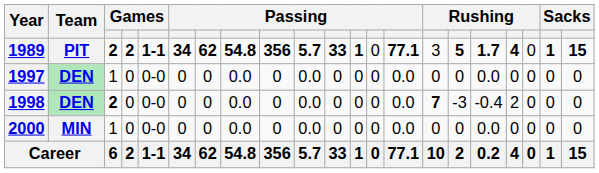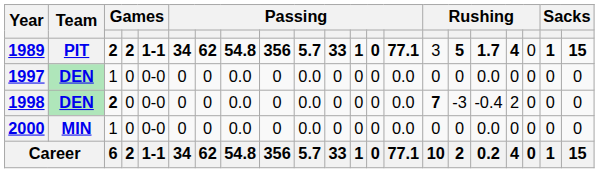 <table class="wikitable" style="text-align:center;">
 <tr>
 <th rowspan="2">Year</th>
 <th rowspan="2">Team</th>
 <th colspan="3">Games</th>
 <th colspan="9">Passing</th>
 <th colspan="5">Rushing</th>
 <th colspan="2">Sacks</th>
 </tr>
 <tr>
 <th></th>
 <th></th>
 <th></th>
 <th></th>
 <th></th>
 <th></th>
 <th></th>
 <th></th>
 <th></th>
 <th></th>
 <th></th>
 <th></th>
 <th></th>
 <th></th>
 <th></th>
 <th></th>
 <th></th>
 <th></th>
 <th></th>
 </tr>
 <tr>
 <th><a href='#'>1989</a></th>
 <th><a href='#'>PIT</a></th>
 <td><strong>2</strong></td>
 <td><strong>2</strong></td>
 <td><strong>1-1</strong></td>
 <td><strong>34</strong></td>
 <td><strong>62</strong></td>
 <td><strong>54.8</strong></td>
 <td><strong>356</strong></td>
 <td><strong>5.7</strong></td>
 <td><strong>33</strong></td>
 <td><strong>1</strong></td>
-<td>0</td>
+<td><strong>0</strong></td>
 <td><strong>77.1</strong></td>
 <td>3</td>
 <td><strong>5</strong></td>
 <td><strong>1.7</strong></td>
 <td><strong>4</strong></td>
 <td>0</td>
 <td><strong>1</strong></td>
 <td><strong>15</strong></td>
 </tr>
 <tr>
 <th><a href='#'>1997</a></th>
 <th style="background:#afe6ba; width:3em;"><a href='#'>DEN</a></th>
 <td>1</td>
 <td>0</td>
 <td>0-0</td>
 <td>0</td>
 <td>0</td>
 <td>0.0</td>
 <td>0</td>
 <td>0.0</td>
 <td>0</td>
 <td>0</td>
 <td>0</td>
 <td>0.0</td>
 <td>0</td>
 <td>0</td>
 <td>0.0</td>
 <td>0</td>
 <td>0</td>
 <td>0</td>
 <td>0</td>
 </tr>
 <tr>
 <th><a href='#'>1998</a></th>
 <th style="background:#afe6ba; width:3em;"><a href='#'>DEN</a></th>
 <td><strong>2</strong></td>
 <td>0</td>
 <td>0-0</td>
 <td>0</td>
 <td>0</td>
 <td>0.0</td>
 <td>0</td>
 <td>0.0</td>
 <td>0</td>
 <td>0</td>
 <td>0</td>
 <td>0.0</td>
 <td><strong>7</strong></td>
 <td>-3</td>
 <td>-0.4</td>
 <td>2</td>
 <td>0</td>
 <td>0</td>
 <td>0</td>
 </tr>
 <tr>
 <th><a href='#'>2000</a></th>
 <th><a href='#'>MIN</a></th>
 <td>1</td>
 <td>0</td>
 <td>0-0</td>
 <td>0</td>
 <td>0</td>
 <td>0.0</td>
 <td>0</td>
 <td>0.0</td>
 <td>0</td>
 <td>0</td>
 <td>0</td>
 <td>0.0</td>
 <td>0</td>
 <td>0</td>
 <td>0.0</td>
 <td>0</td>
 <td>0</td>
 <td>0</td>
 <td>0</td>
 </tr>
 <tr>
 <th colspan="2">Career</th>
 <th>6</th>
 <th>2</th>
 <th>1-1</th>
 <th>34</th>
 <th>62</th>
 <th>54.8</th>
 <th>356</th>
 <th>5.7</th>
 <th>33</th>
 <th>1</th>
 <th>0</th>
 <th>77.1</th>
 <th>10</th>
 <th>2</th>
 <th>0.2</th>
 <th>4</th>
 <th>0</th>
 <th>1</th>
 <th>15</th>
 </tr>
 </table>
